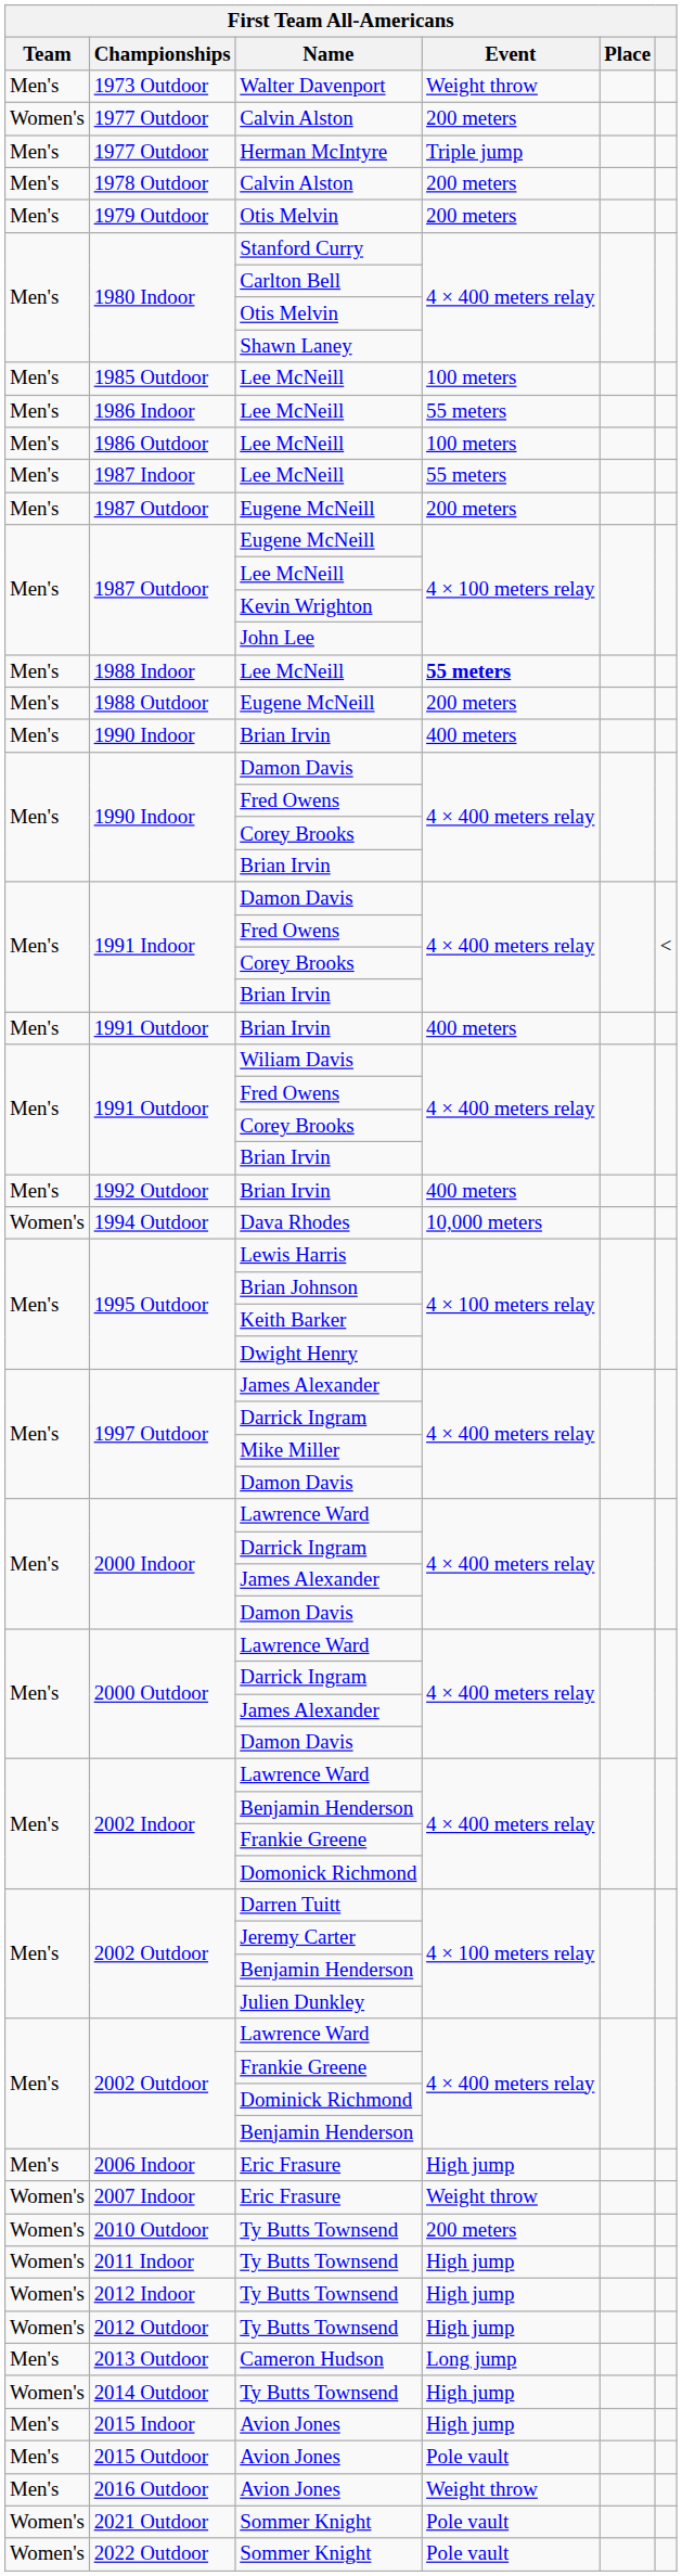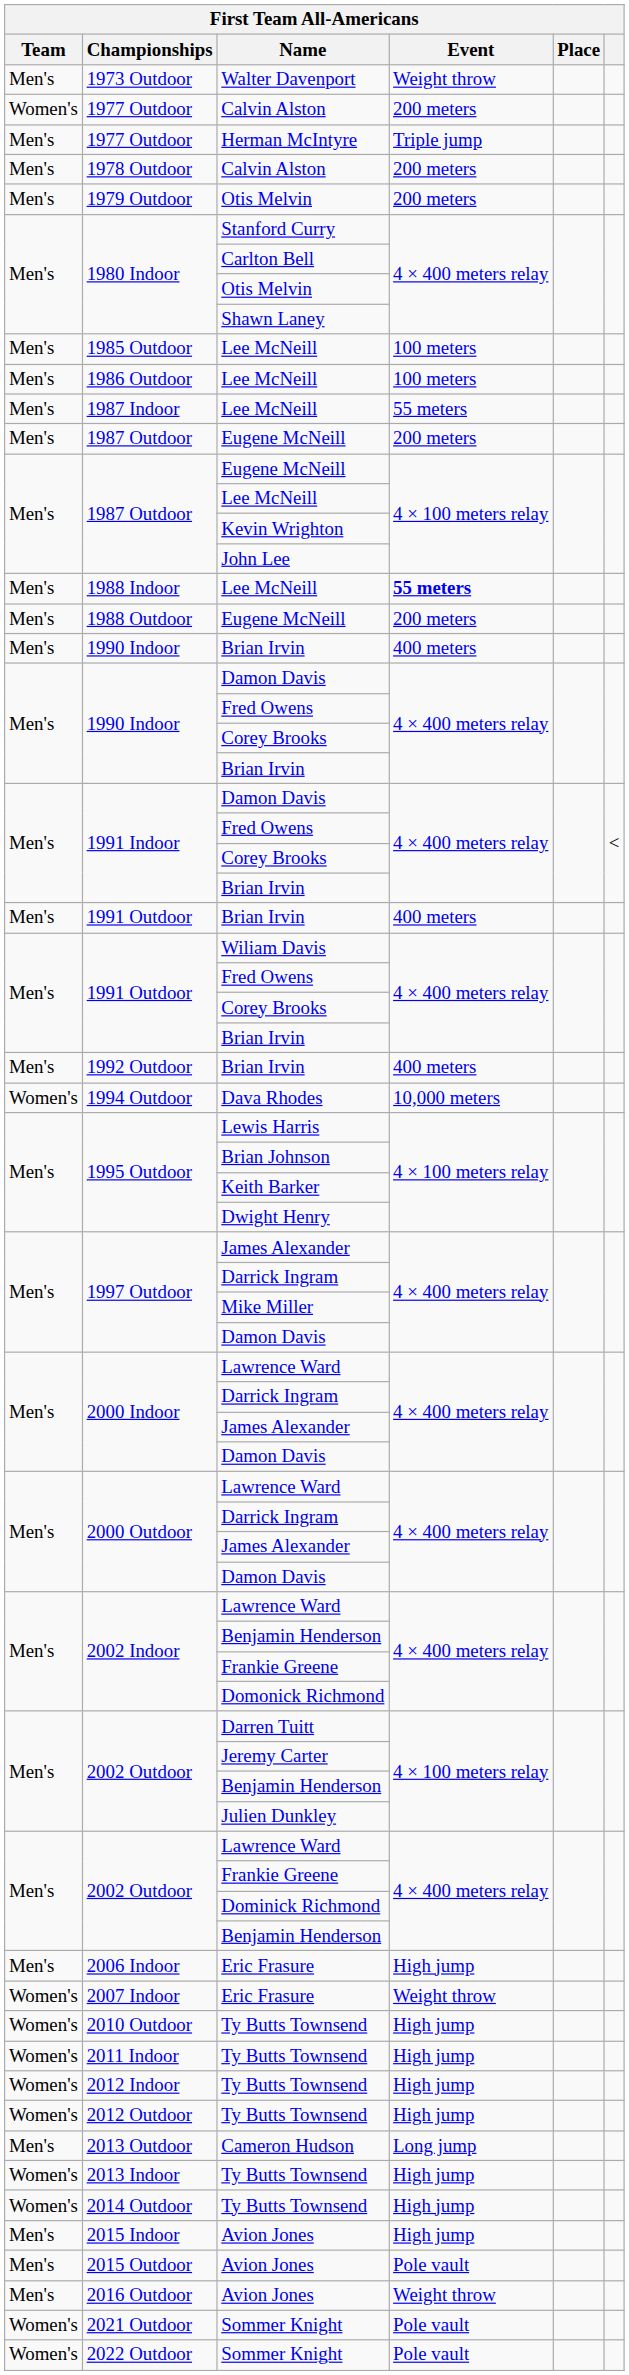 <table class="wikitable sortable">
 <tr>
 <th colspan="6">First Team All-Americans</th>
 </tr>
 <tr>
 <th scope="col">Team</th>
 <th scope="col">Championships</th>
 <th scope="col">Name</th>
 <th scope="col">Event</th>
 <th scope="col">Place</th>
 <th scope="col"></th>
 </tr>
 <tr>
 <td>Men's</td>
 <td><a href='#'>1973 Outdoor</a></td>
 <td><a href='#'>Walter Davenport</a></td>
 <td><a href='#'>Weight throw</a></td>
 <td></td>
 <td></td>
 </tr>
 <tr>
 <td>Women's</td>
 <td><a href='#'>1977 Outdoor</a></td>
 <td><a href='#'>Calvin Alston</a></td>
 <td><a href='#'>200 meters</a></td>
 <td></td>
 <td></td>
 </tr>
 <tr>
 <td>Men's</td>
 <td><a href='#'>1977 Outdoor</a></td>
 <td><a href='#'>Herman McIntyre</a></td>
 <td><a href='#'>Triple jump</a></td>
 <td></td>
 <td></td>
 </tr>
 <tr>
 <td>Men's</td>
 <td><a href='#'>1978 Outdoor</a></td>
 <td><a href='#'>Calvin Alston</a></td>
 <td><a href='#'>200 meters</a></td>
 <td></td>
 <td></td>
 </tr>
 <tr>
 <td>Men's</td>
 <td><a href='#'>1979 Outdoor</a></td>
 <td><a href='#'>Otis Melvin</a></td>
 <td><a href='#'>200 meters</a></td>
 <td></td>
 <td></td>
 </tr>
 <tr>
 <td rowspan=4>Men's</td>
 <td rowspan=4><a href='#'>1980 Indoor</a></td>
 <td><a href='#'>Stanford Curry</a></td>
 <td rowspan=4><a href='#'>4 × 400 meters relay</a></td>
 <td rowspan=4></td>
 <td rowspan=4></td>
 </tr>
 <tr>
 <td><a href='#'>Carlton Bell</a></td>
 </tr>
 <tr>
 <td><a href='#'>Otis Melvin</a></td>
 </tr>
 <tr>
 <td><a href='#'>Shawn Laney</a></td>
 </tr>
 <tr>
 <td>Men's</td>
 <td><a href='#'>1985 Outdoor</a></td>
 <td><a href='#'>Lee McNeill</a></td>
 <td><a href='#'>100 meters</a></td>
-<td></td>
-<td></td>
-</tr>
-<tr>
-<td>Men's</td>
-<td><a href='#'>1986 Indoor</a></td>
-<td><a href='#'>Lee McNeill</a></td>
-<td><a href='#'>55 meters</a></td>
 <td></td>
 <td></td>
 </tr>
 <tr>
 <td>Men's</td>
 <td><a href='#'>1986 Outdoor</a></td>
 <td><a href='#'>Lee McNeill</a></td>
 <td><a href='#'>100 meters</a></td>
 <td></td>
 <td></td>
 </tr>
 <tr>
 <td>Men's</td>
 <td><a href='#'>1987 Indoor</a></td>
 <td><a href='#'>Lee McNeill</a></td>
 <td><a href='#'>55 meters</a></td>
 <td></td>
 <td></td>
 </tr>
 <tr>
 <td>Men's</td>
 <td><a href='#'>1987 Outdoor</a></td>
 <td><a href='#'>Eugene McNeill</a></td>
 <td><a href='#'>200 meters</a></td>
 <td></td>
 <td></td>
 </tr>
 <tr>
 <td rowspan=4>Men's</td>
 <td rowspan=4><a href='#'>1987 Outdoor</a></td>
 <td><a href='#'>Eugene McNeill</a></td>
 <td rowspan=4><a href='#'>4 × 100 meters relay</a></td>
 <td rowspan=4></td>
 <td rowspan=4></td>
 </tr>
 <tr>
 <td><a href='#'>Lee McNeill</a></td>
 </tr>
 <tr>
 <td><a href='#'>Kevin Wrighton</a></td>
 </tr>
 <tr>
 <td><a href='#'>John Lee</a></td>
 </tr>
 <tr>
 <td>Men's</td>
 <td><a href='#'>1988 Indoor</a></td>
 <td><a href='#'>Lee McNeill</a></td>
 <td><strong><a href='#'>55 meters</a></strong></td>
 <td></td>
 <td></td>
 </tr>
 <tr>
 <td>Men's</td>
 <td><a href='#'>1988 Outdoor</a></td>
 <td><a href='#'>Eugene McNeill</a></td>
 <td><a href='#'>200 meters</a></td>
 <td></td>
 <td></td>
 </tr>
 <tr>
 <td>Men's</td>
 <td><a href='#'>1990 Indoor</a></td>
 <td><a href='#'>Brian Irvin</a></td>
 <td><a href='#'>400 meters</a></td>
 <td></td>
 <td></td>
 </tr>
 <tr>
 <td rowspan=4>Men's</td>
 <td rowspan=4><a href='#'>1990 Indoor</a></td>
 <td><a href='#'>Damon Davis</a></td>
 <td rowspan=4><a href='#'>4 × 400 meters relay</a></td>
 <td rowspan=4></td>
 <td rowspan=4></td>
 </tr>
 <tr>
 <td><a href='#'>Fred Owens</a></td>
 </tr>
 <tr>
 <td><a href='#'>Corey Brooks</a></td>
 </tr>
 <tr>
 <td><a href='#'>Brian Irvin</a></td>
 </tr>
 <tr>
 <td rowspan=4>Men's</td>
 <td rowspan=4><a href='#'>1991 Indoor</a></td>
 <td><a href='#'>Damon Davis</a></td>
 <td rowspan=4><a href='#'>4 × 400 meters relay</a></td>
 <td rowspan=4></td>
 <td rowspan=4><</td>
 </tr>
 <tr>
 <td><a href='#'>Fred Owens</a></td>
 </tr>
 <tr>
 <td><a href='#'>Corey Brooks</a></td>
 </tr>
 <tr>
 <td><a href='#'>Brian Irvin</a></td>
 </tr>
 <tr>
 <td>Men's</td>
 <td><a href='#'>1991 Outdoor</a></td>
 <td><a href='#'>Brian Irvin</a></td>
 <td><a href='#'>400 meters</a></td>
 <td></td>
 <td></td>
 </tr>
 <tr>
 <td rowspan=4>Men's</td>
 <td rowspan=4><a href='#'>1991 Outdoor</a></td>
 <td><a href='#'>Wiliam Davis</a></td>
 <td rowspan=4><a href='#'>4 × 400 meters relay</a></td>
 <td rowspan=4></td>
 <td rowspan=4></td>
 </tr>
 <tr>
 <td><a href='#'>Fred Owens</a></td>
 </tr>
 <tr>
 <td><a href='#'>Corey Brooks</a></td>
 </tr>
 <tr>
 <td><a href='#'>Brian Irvin</a></td>
 </tr>
 <tr>
 <td>Men's</td>
 <td><a href='#'>1992 Outdoor</a></td>
 <td><a href='#'>Brian Irvin</a></td>
 <td><a href='#'>400 meters</a></td>
 <td></td>
 <td></td>
 </tr>
 <tr>
 <td>Women's</td>
 <td><a href='#'>1994 Outdoor</a></td>
 <td><a href='#'>Dava Rhodes</a></td>
 <td><a href='#'>10,000 meters</a></td>
 <td></td>
 <td></td>
 </tr>
 <tr>
 <td rowspan=4>Men's</td>
 <td rowspan=4><a href='#'>1995 Outdoor</a></td>
 <td><a href='#'>Lewis Harris</a></td>
 <td rowspan=4><a href='#'>4 × 100 meters relay</a></td>
 <td rowspan=4></td>
 <td rowspan=4></td>
 </tr>
 <tr>
 <td><a href='#'>Brian Johnson</a></td>
 </tr>
 <tr>
 <td><a href='#'>Keith Barker</a></td>
 </tr>
 <tr>
 <td><a href='#'>Dwight Henry</a></td>
 </tr>
 <tr>
 <td rowspan=4>Men's</td>
 <td rowspan=4><a href='#'>1997 Outdoor</a></td>
 <td><a href='#'>James Alexander</a></td>
 <td rowspan=4><a href='#'>4 × 400 meters relay</a></td>
 <td rowspan=4></td>
 <td rowspan=4></td>
 </tr>
 <tr>
 <td><a href='#'>Darrick Ingram</a></td>
 </tr>
 <tr>
 <td><a href='#'>Mike Miller</a></td>
 </tr>
 <tr>
 <td><a href='#'>Damon Davis</a></td>
 </tr>
 <tr>
 <td rowspan=4>Men's</td>
 <td rowspan=4><a href='#'>2000 Indoor</a></td>
 <td><a href='#'>Lawrence Ward</a></td>
 <td rowspan=4><a href='#'>4 × 400 meters relay</a></td>
 <td rowspan=4></td>
 <td rowspan=4></td>
 </tr>
 <tr>
 <td><a href='#'>Darrick Ingram</a></td>
 </tr>
 <tr>
 <td><a href='#'>James Alexander</a></td>
 </tr>
 <tr>
 <td><a href='#'>Damon Davis</a></td>
 </tr>
 <tr>
 <td rowspan=4>Men's</td>
 <td rowspan=4><a href='#'>2000 Outdoor</a></td>
 <td><a href='#'>Lawrence Ward</a></td>
 <td rowspan=4><a href='#'>4 × 400 meters relay</a></td>
 <td rowspan=4></td>
 <td rowspan=4></td>
 </tr>
 <tr>
 <td><a href='#'>Darrick Ingram</a></td>
 </tr>
 <tr>
 <td><a href='#'>James Alexander</a></td>
 </tr>
 <tr>
 <td><a href='#'>Damon Davis</a></td>
 </tr>
 <tr>
 <td rowspan=4>Men's</td>
 <td rowspan=4><a href='#'>2002 Indoor</a></td>
 <td><a href='#'>Lawrence Ward</a></td>
 <td rowspan=4><a href='#'>4 × 400 meters relay</a></td>
 <td rowspan=4></td>
 <td rowspan=4></td>
 </tr>
 <tr>
 <td><a href='#'>Benjamin Henderson</a></td>
 </tr>
 <tr>
 <td><a href='#'>Frankie Greene</a></td>
 </tr>
 <tr>
 <td><a href='#'>Domonick Richmond</a></td>
 </tr>
 <tr>
 <td rowspan=4>Men's</td>
 <td rowspan=4><a href='#'>2002 Outdoor</a></td>
 <td><a href='#'>Darren Tuitt</a></td>
 <td rowspan=4><a href='#'>4 × 100 meters relay</a></td>
 <td rowspan=4></td>
 <td rowspan=4></td>
 </tr>
 <tr>
 <td><a href='#'>Jeremy Carter</a></td>
 </tr>
 <tr>
 <td><a href='#'>Benjamin Henderson</a></td>
 </tr>
 <tr>
 <td><a href='#'>Julien Dunkley</a></td>
 </tr>
 <tr>
 <td rowspan=4>Men's</td>
 <td rowspan=4><a href='#'>2002 Outdoor</a></td>
 <td><a href='#'>Lawrence Ward</a></td>
 <td rowspan=4><a href='#'>4 × 400 meters relay</a></td>
 <td rowspan=4></td>
 <td rowspan=4></td>
 </tr>
 <tr>
 <td><a href='#'>Frankie Greene</a></td>
 </tr>
 <tr>
 <td><a href='#'>Dominick Richmond</a></td>
 </tr>
 <tr>
 <td><a href='#'>Benjamin Henderson</a></td>
 </tr>
 <tr>
 <td>Men's</td>
 <td><a href='#'>2006 Indoor</a></td>
 <td><a href='#'>Eric Frasure</a></td>
 <td><a href='#'>High jump</a></td>
 <td></td>
 <td></td>
 </tr>
 <tr>
 <td>Women's</td>
 <td><a href='#'>2007 Indoor</a></td>
 <td><a href='#'>Eric Frasure</a></td>
 <td><a href='#'>Weight throw</a></td>
 <td></td>
 <td></td>
 </tr>
 <tr>
 <td>Women's</td>
 <td><a href='#'>2010 Outdoor</a></td>
 <td><a href='#'>Ty Butts Townsend</a></td>
-<td><a href='#'>200 meters</a></td>
+<td><a href='#'>High jump</a></td>
 <td></td>
 <td></td>
 </tr>
 <tr>
 <td>Women's</td>
 <td><a href='#'>2011 Indoor</a></td>
 <td><a href='#'>Ty Butts Townsend</a></td>
 <td><a href='#'>High jump</a></td>
 <td></td>
 <td></td>
 </tr>
 <tr>
 <td>Women's</td>
 <td><a href='#'>2012 Indoor</a></td>
 <td><a href='#'>Ty Butts Townsend</a></td>
 <td><a href='#'>High jump</a></td>
 <td></td>
 <td></td>
 </tr>
 <tr>
 <td>Women's</td>
 <td><a href='#'>2012 Outdoor</a></td>
 <td><a href='#'>Ty Butts Townsend</a></td>
 <td><a href='#'>High jump</a></td>
 <td></td>
 <td></td>
 </tr>
 <tr>
 <td>Men's</td>
 <td><a href='#'>2013 Outdoor</a></td>
 <td><a href='#'>Cameron Hudson</a></td>
 <td><a href='#'>Long jump</a></td>
+<td></td>
+<td></td>
+</tr>
+<tr>
+<td>Women's</td>
+<td><a href='#'>2013 Indoor</a></td>
+<td><a href='#'>Ty Butts Townsend</a></td>
+<td><a href='#'>High jump</a></td>
 <td></td>
 <td></td>
 </tr>
 <tr>
 <td>Women's</td>
 <td><a href='#'>2014 Outdoor</a></td>
 <td><a href='#'>Ty Butts Townsend</a></td>
 <td><a href='#'>High jump</a></td>
 <td></td>
 <td></td>
 </tr>
 <tr>
 <td>Men's</td>
 <td><a href='#'>2015 Indoor</a></td>
 <td><a href='#'>Avion Jones</a></td>
 <td><a href='#'>High jump</a></td>
 <td></td>
 <td></td>
 </tr>
 <tr>
 <td>Men's</td>
 <td><a href='#'>2015 Outdoor</a></td>
 <td><a href='#'>Avion Jones</a></td>
 <td><a href='#'>Pole vault</a></td>
 <td></td>
 <td></td>
 </tr>
 <tr>
 <td>Men's</td>
 <td><a href='#'>2016 Outdoor</a></td>
 <td><a href='#'>Avion Jones</a></td>
 <td><a href='#'>Weight throw</a></td>
 <td></td>
 <td></td>
 </tr>
 <tr>
 <td>Women's</td>
 <td><a href='#'>2021 Outdoor</a></td>
 <td><a href='#'>Sommer Knight</a></td>
 <td><a href='#'>Pole vault</a></td>
 <td></td>
 <td></td>
 </tr>
 <tr>
 <td>Women's</td>
 <td><a href='#'>2022 Outdoor</a></td>
 <td><a href='#'>Sommer Knight</a></td>
 <td><a href='#'>Pole vault</a></td>
 <td></td>
 <td></td>
 </tr>
 </table>
